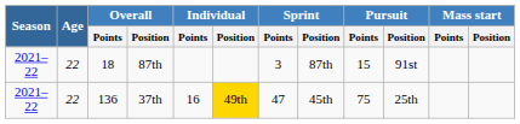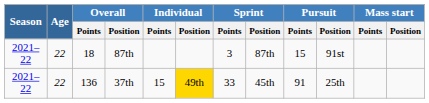 <table class="wikitable" style="text-align:center;" width="70%">
 <tr class="hintergrundfarbe5">
 </tr>
 <tr style="background:#efefef;">
 <th rowspan="2" style="background-color:#369; color:white; width:80px">Season</th>
 <th rowspan="2" style="background-color:#369; color:white; width:40px">Age</th>
 <th colspan="2" style="background-color:#4180be; color:white; width:110px;">Overall</th>
 <th colspan="2" style="background-color:#4180be; color:white; width:110px;">Individual</th>
 <th colspan="2" style="background-color:#4180be; color:white; width:110px;">Sprint</th>
 <th colspan="2" style="background-color:#4180be; color:white; width:110px;">Pursuit</th>
 <th colspan="2" style="background-color:#4180be; color:white; width:110px;">Mass start</th>
 </tr>
 <tr class="hintergrundfarbe5">
 <th style="width:55px;"><small>Points</small></th>
 <th style="width:55px;"><small>Position</small></th>
 <th style="width:55px;"><small>Points</small></th>
 <th style="width:55px;"><small>Position</small></th>
 <th style="width:55px;"><small>Points</small></th>
 <th style="width:55px;"><small>Position</small></th>
 <th style="width:55px;"><small>Points</small></th>
 <th style="width:55px;"><small>Position</small></th>
 <th style="width:55px;"><small>Points</small></th>
 <th style="width:55px;"><small>Position</small></th>
 </tr>
 <tr>
 <td><a href='#'>2021–22</a></td>
 <td><em>22</em></td>
 <td>18</td>
 <td>87th</td>
 <td></td>
 <td></td>
 <td>3</td>
 <td>87th</td>
 <td>15</td>
 <td>91st</td>
 <td></td>
 <td></td>
 </tr>
 <tr>
 <td><a href='#'>2021–22</a></td>
 <td><em>22</em></td>
 <td>136</td>
 <td>37th</td>
-<td>16</td>
+<td>15</td>
 <td style="background: gold;">49th</td>
-<td>47</td>
+<td>33</td>
 <td>45th</td>
-<td>75</td>
+<td>91</td>
 <td>25th</td>
 <td></td>
 <td></td>
 </tr>
 </table>
